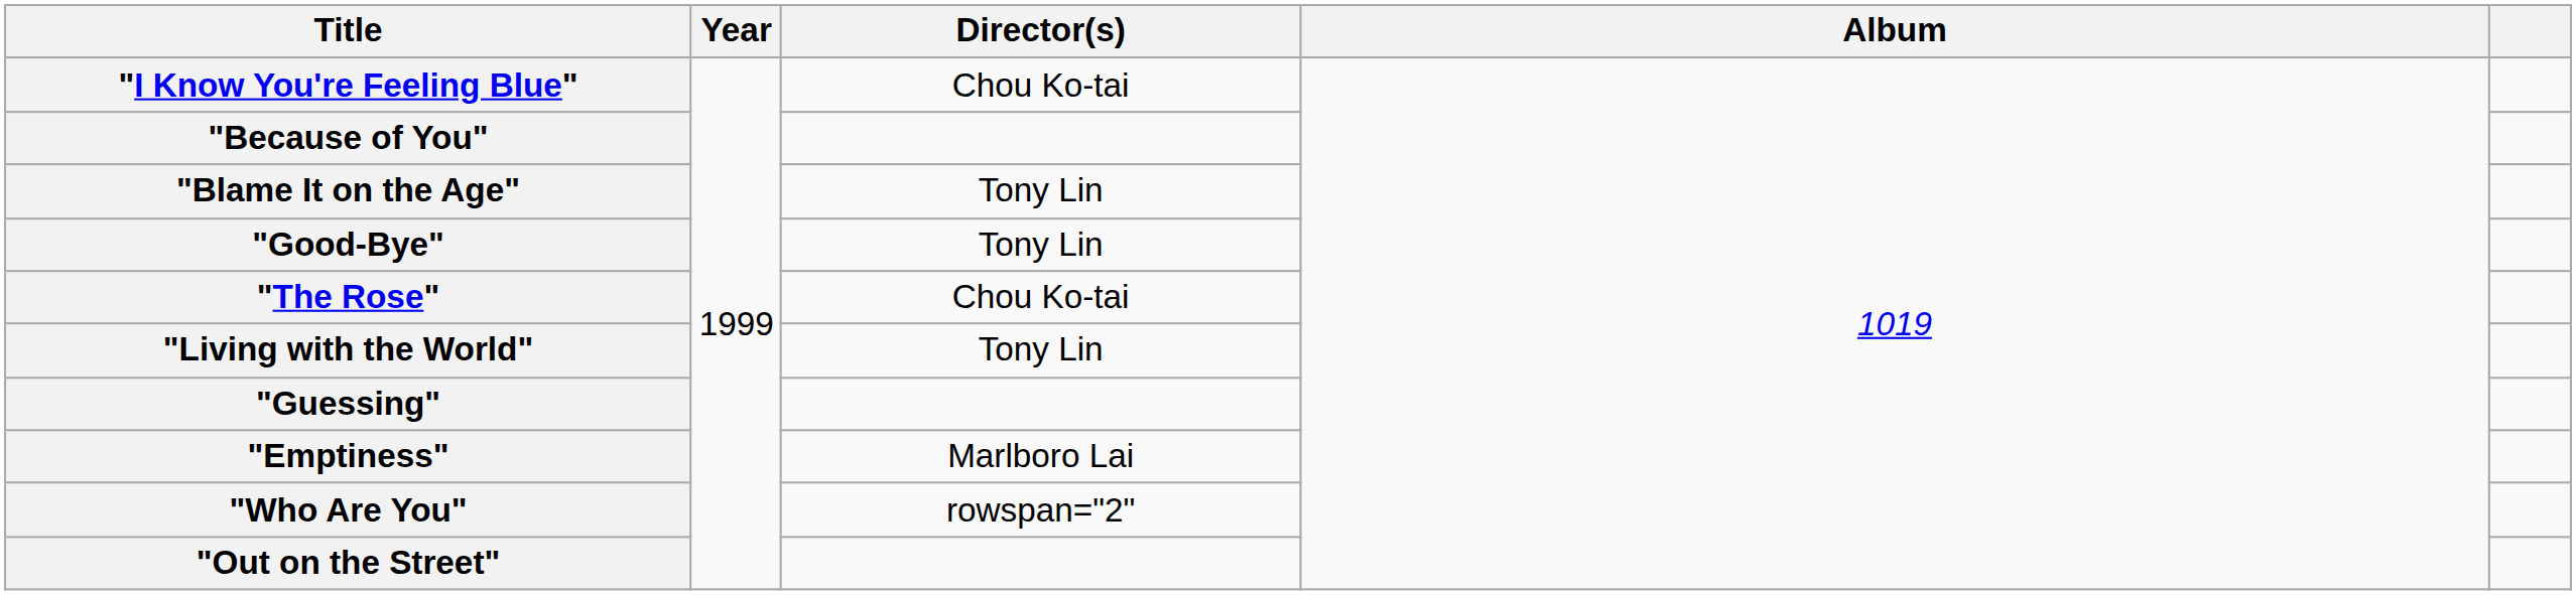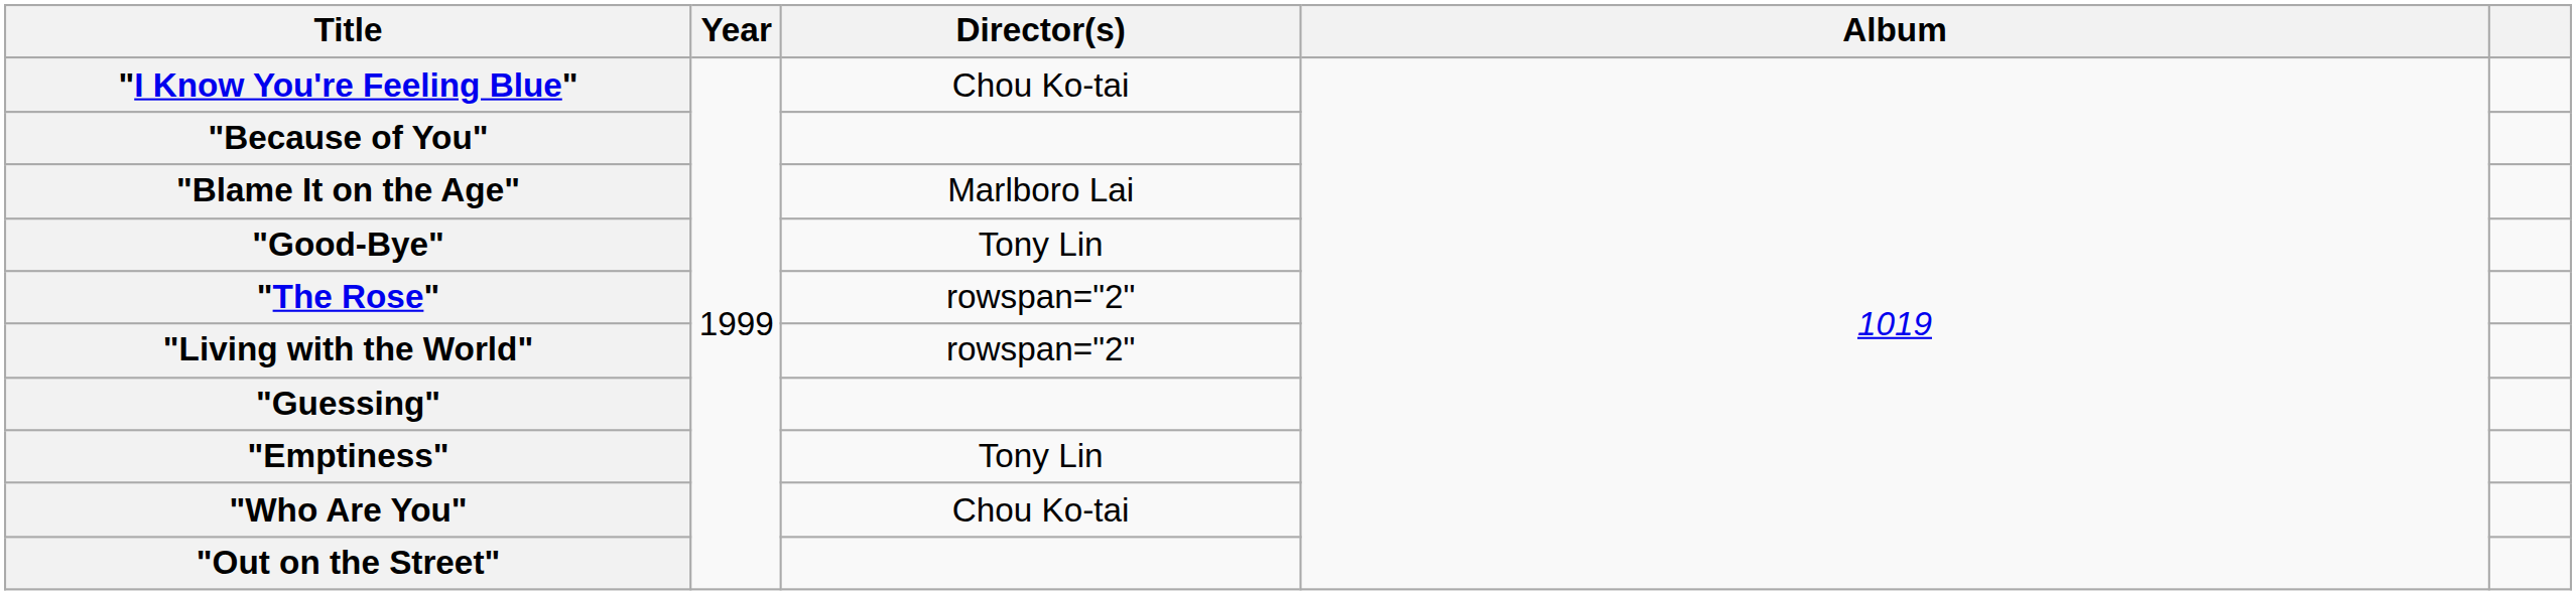 <table class="wikitable sortable plainrowheaders" style="text-align:center;">
 <tr>
 <th scope="col" style="width:20em;">Title</th>
 <th scope="col" style="width:2em;">Year</th>
 <th scope="col" style="width:15em;">Director(s)</th>
 <th scope="col" style="width:35em;">Album</th>
 <th scope="col" style="width:2em;" class="unsortable"></th>
 </tr>
 <tr>
 <th scope="row">"<a href='#'>I Know You're Feeling Blue</a>"</th>
 <td rowspan="10">1999</td>
 <td>Chou Ko-tai</td>
 <td rowspan="10"><em><a href='#'>1019</a></em></td>
 <td></td>
 </tr>
 <tr>
 <th scope="row">"Because of You"</th>
 <td></td>
 <td></td>
 </tr>
 <tr>
 <th scope="row">"Blame It on the Age"</th>
-<td>Tony Lin</td>
+<td>Marlboro Lai</td>
 <td></td>
 </tr>
 <tr>
 <th scope="row">"Good-Bye"</th>
 <td>Tony Lin</td>
 <td></td>
 </tr>
 <tr>
 <th scope="row">"<a href='#'>The Rose</a>"</th>
-<td>Chou Ko-tai</td>
+<td>rowspan="2" </td>
 <td></td>
 </tr>
 <tr>
 <th scope="row">"Living with the World"</th>
-<td>Tony Lin</td>
+<td>rowspan="2" </td>
 <td></td>
 </tr>
 <tr>
 <th scope="row">"Guessing"</th>
 <td></td>
 </tr>
 <tr>
 <th scope="row">"Emptiness"</th>
-<td>Marlboro Lai</td>
+<td>Tony Lin</td>
 <td></td>
 </tr>
 <tr>
 <th scope="row">"Who Are You"</th>
-<td>rowspan="2" </td>
+<td>Chou Ko-tai</td>
 <td></td>
 </tr>
 <tr>
 <th scope="row">"Out on the Street"</th>
 <td></td>
 </tr>
 </table>
